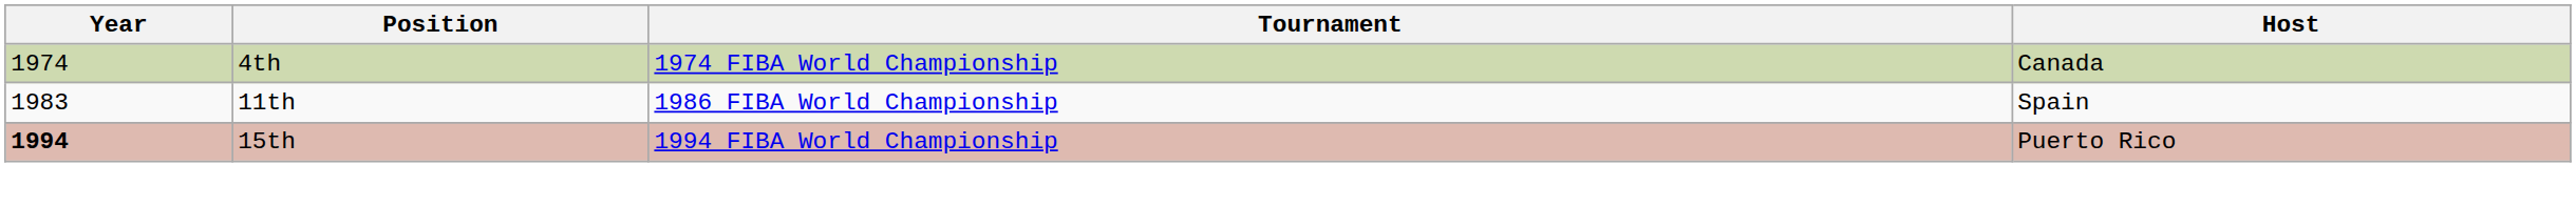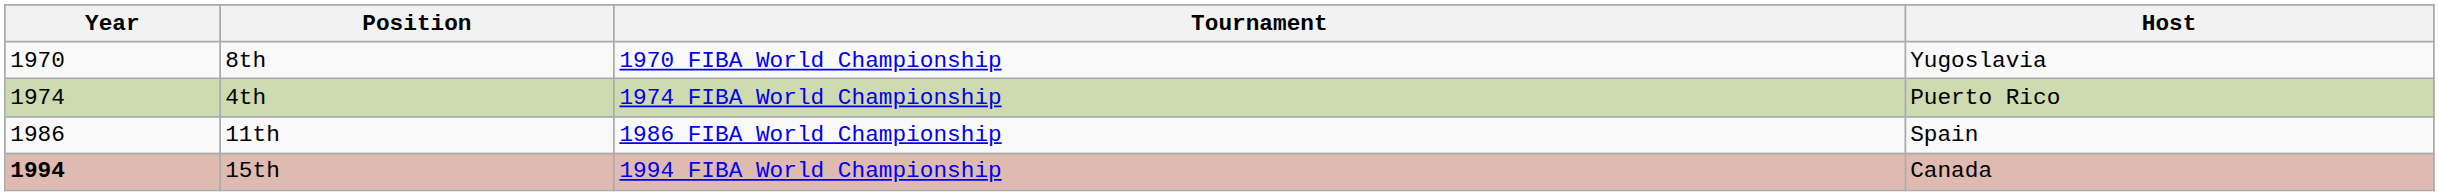 <table class="wikitable" style="width:70%;">
 <tr>
 <th>Year</th>
 <th>Position</th>
 <th>Tournament</th>
 <th>Host</th>
 </tr>
+<tr style="background:">
+<td>1970</td>
+<td>8th</td>
+<td><a href='#'>1970 FIBA World Championship</a></td>
+<td>Yugoslavia</td>
+</tr>
 <tr valign="top" bgcolor="#CEDAB0">
 <td>1974</td>
 <td>4th</td>
 <td><a href='#'>1974 FIBA World Championship</a></td>
-<td>Canada</td>
+<td>Puerto Rico</td>
 </tr>
 <tr style="background:">
-<td>1983</td>
+<td>1986</td>
 <td>11th</td>
 <td><a href='#'>1986 FIBA World Championship</a></td>
 <td>Spain</td>
 </tr>
 <tr valign="top" bgcolor="#debab0">
 <td><strong>1994</strong></td>
 <td>15th</td>
 <td><a href='#'>1994 FIBA World Championship</a></td>
-<td>Puerto Rico</td>
+<td>Canada</td>
 </tr>
 </table>
